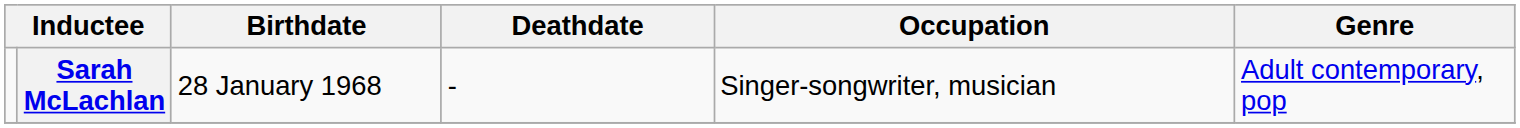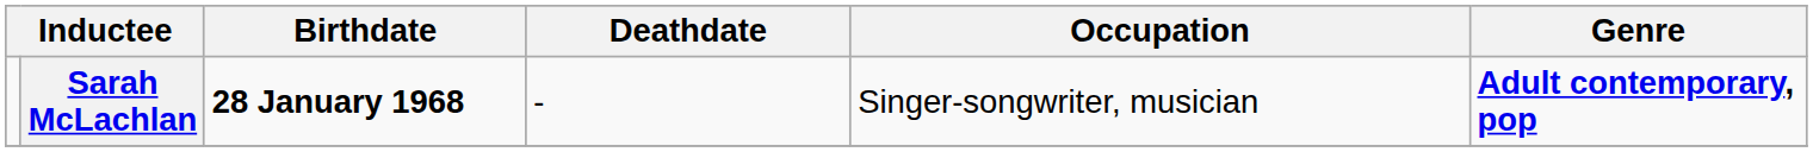 <table class="wikitable" width="100%">
 <tr>
 <th colspan=2>Inductee</th>
 <th width="20%">Birthdate</th>
 <th width="20%">Deathdate</th>
 <th width="40%">Occupation</th>
 <th width="40%">Genre</th>
 </tr>
 <tr>
 <td></td>
 <th><a href='#'>Sarah McLachlan</a></th>
-<td>28 January 1968</td>
+<td><strong>28 January 1968</strong></td>
 <td>-</td>
 <td>Singer-songwriter, musician</td>
-<td><a href='#'>Adult contemporary</a>, <a href='#'>pop</a></td>
+<td><strong><a href='#'>Adult contemporary</a>, <a href='#'>pop</a></strong></td>
 </tr>
 <tr>
 </tr>
 </table>
